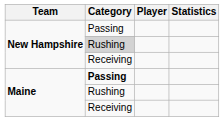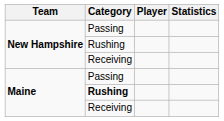 <table class="wikitable" style="float: right;">
 <tr>
 <th>Team</th>
 <th>Category</th>
 <th>Player</th>
 <th>Statistics</th>
 </tr>
 <tr>
 <td rowspan=3><strong>New Hampshire</strong></td>
 <td>Passing</td>
 <td></td>
 <td></td>
 </tr>
 <tr>
-<td style="background: lightgrey;">Rushing</td>
+<td>Rushing</td>
 <td></td>
 <td></td>
 </tr>
 <tr>
 <td>Receiving</td>
 <td></td>
 <td></td>
 </tr>
 <tr>
 <td rowspan=3><strong>Maine</strong></td>
-<td><strong>Passing</strong></td>
+<td>Passing</td>
 <td></td>
 <td></td>
 </tr>
 <tr>
-<td>Rushing</td>
+<td><strong>Rushing</strong></td>
 <td></td>
 <td></td>
 </tr>
 <tr>
 <td>Receiving</td>
 <td></td>
 <td></td>
 </tr>
 </table>
